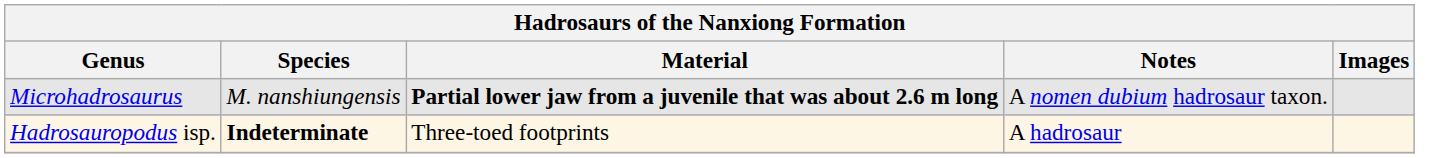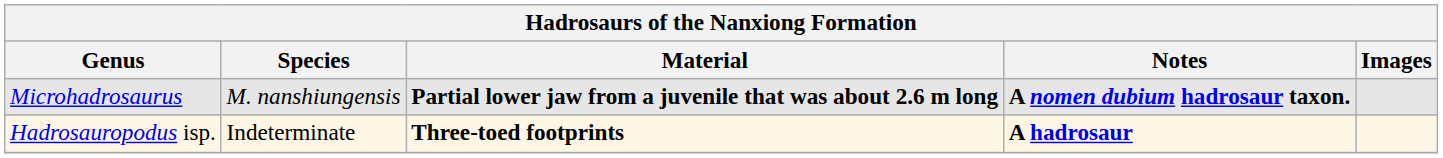 <table class="wikitable" align="center">
 <tr>
 <th colspan="7" style="text-align:center;"><strong>Hadrosaurs</strong> of the Nanxiong Formation</th>
 </tr>
 <tr>
 <th>Genus</th>
 <th>Species</th>
 <th>Material</th>
 <th>Notes</th>
 <th>Images</th>
 </tr>
 <tr>
 <td style="background:#E6E6E6;"><em><a href='#'>Microhadrosaurus</a></em></td>
 <td style="background:#E6E6E6;"><em>M. nanshiungensis</em></td>
 <td style="background:#E6E6E6;"><strong>Partial lower jaw from a juvenile that was about 2.6 m long</strong></td>
-<td style="background:#E6E6E6;">A <em><a href='#'>nomen dubium</a></em> <a href='#'>hadrosaur</a> taxon.</td>
+<td style="background:#E6E6E6;"><strong>A <em><a href='#'>nomen dubium</a></em> <a href='#'>hadrosaur</a> taxon.</strong></td>
 <td style="background:#E6E6E6;"></td>
 </tr>
 <tr>
 <td style="background:#fef6e4;"><em><a href='#'>Hadrosauropodus</a></em> isp.</td>
-<td style="background:#fef6e4;"><strong>Indeterminate</strong></td>
-<td style="background:#fef6e4;">Three-toed footprints</td>
-<td style="background:#fef6e4;">A <a href='#'>hadrosaur</a></td>
+<td style="background:#fef6e4;">Indeterminate</td>
+<td style="background:#fef6e4;"><strong>Three-toed footprints</strong></td>
+<td style="background:#fef6e4;"><strong>A <a href='#'>hadrosaur</a></strong></td>
 <td style="background:#fef6e4;"></td>
 </tr>
 <tr>
 </tr>
 </table>
